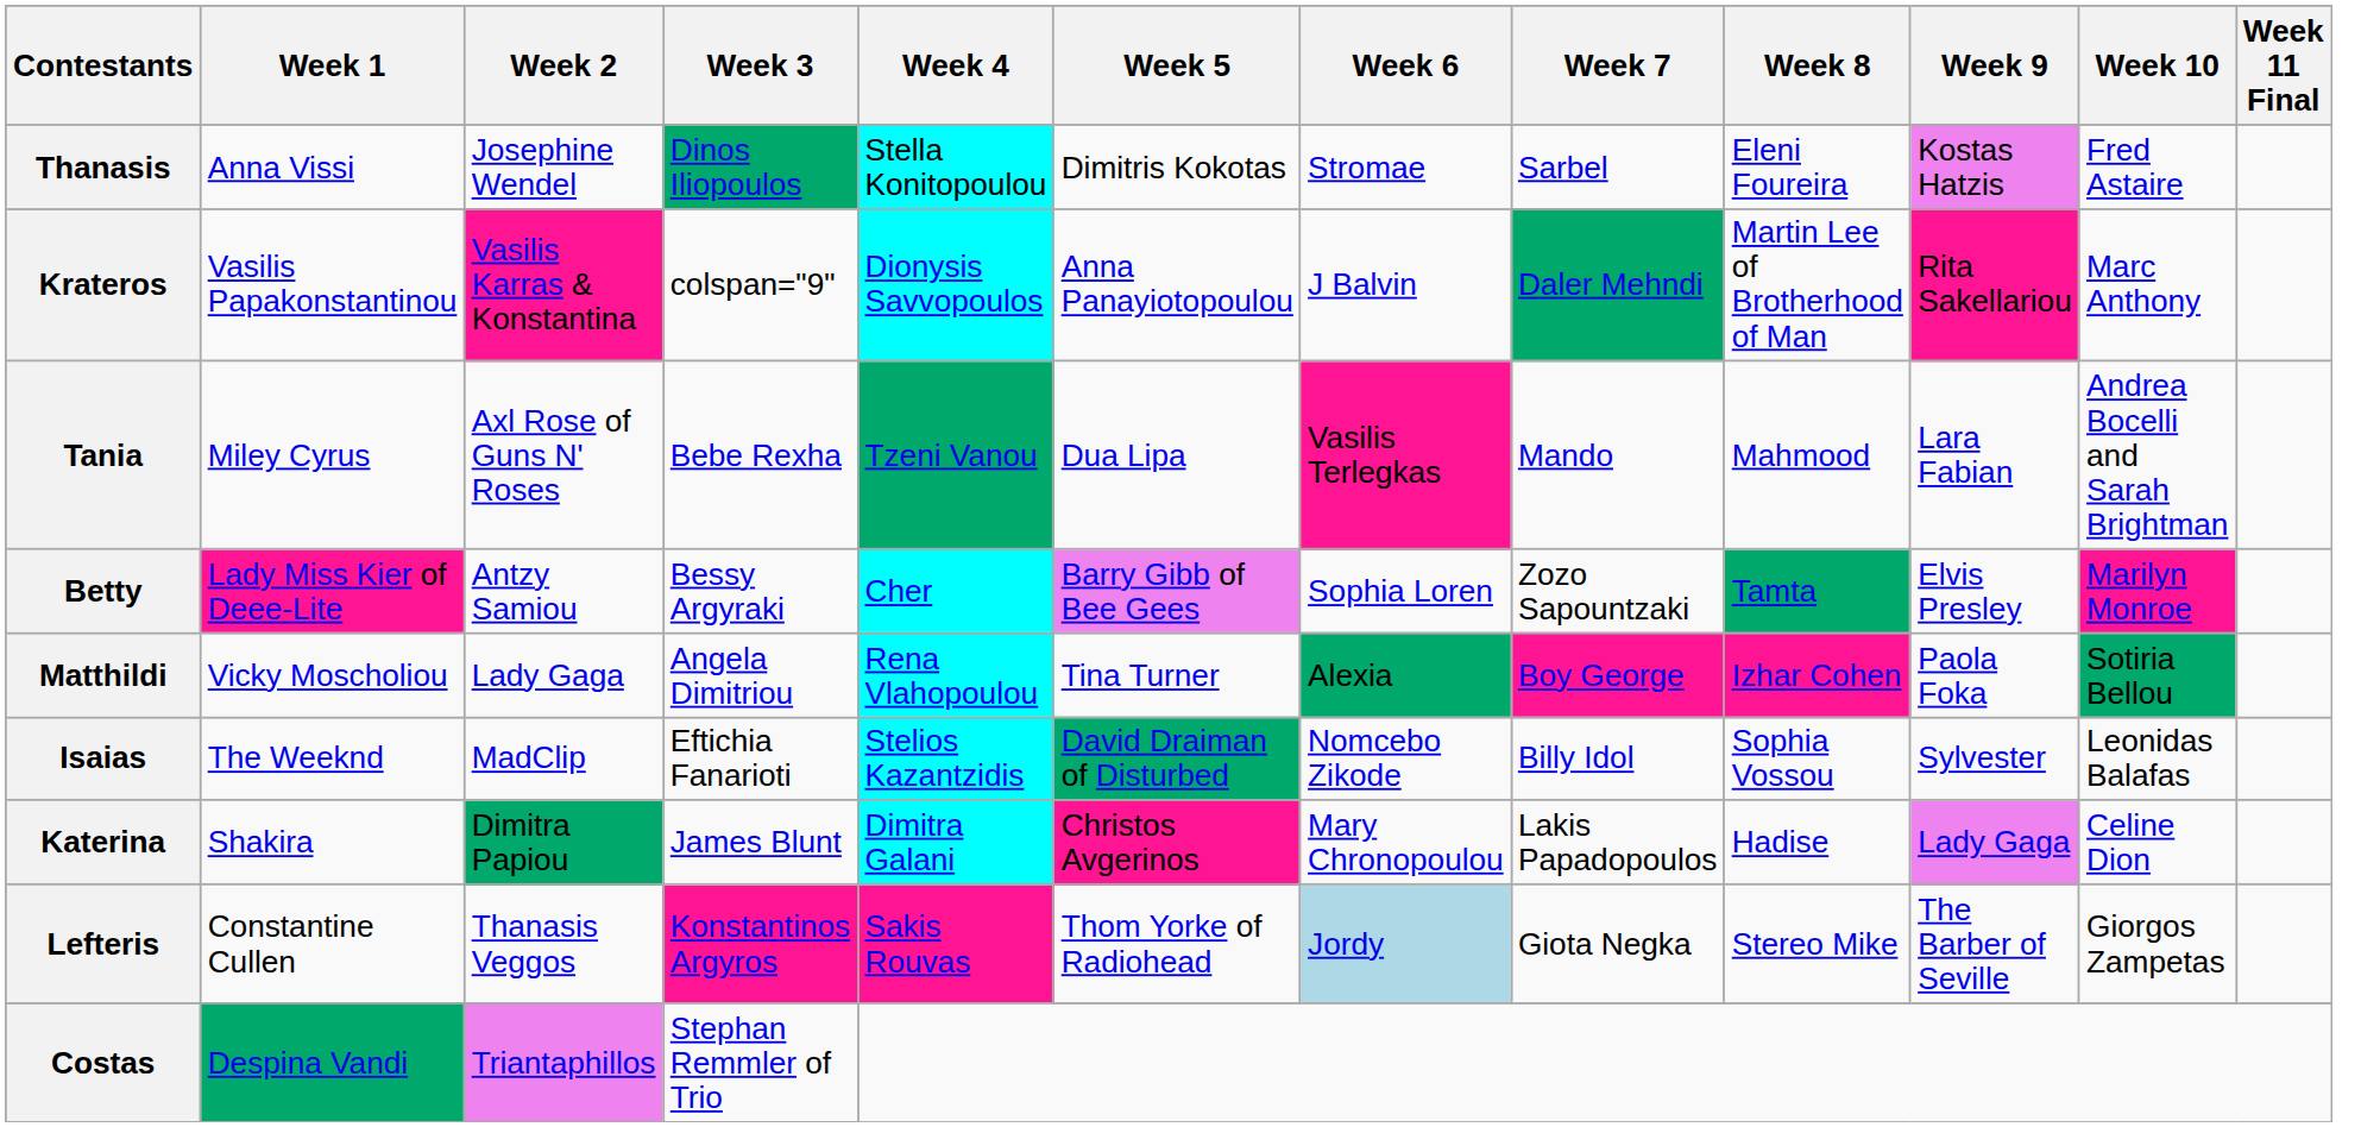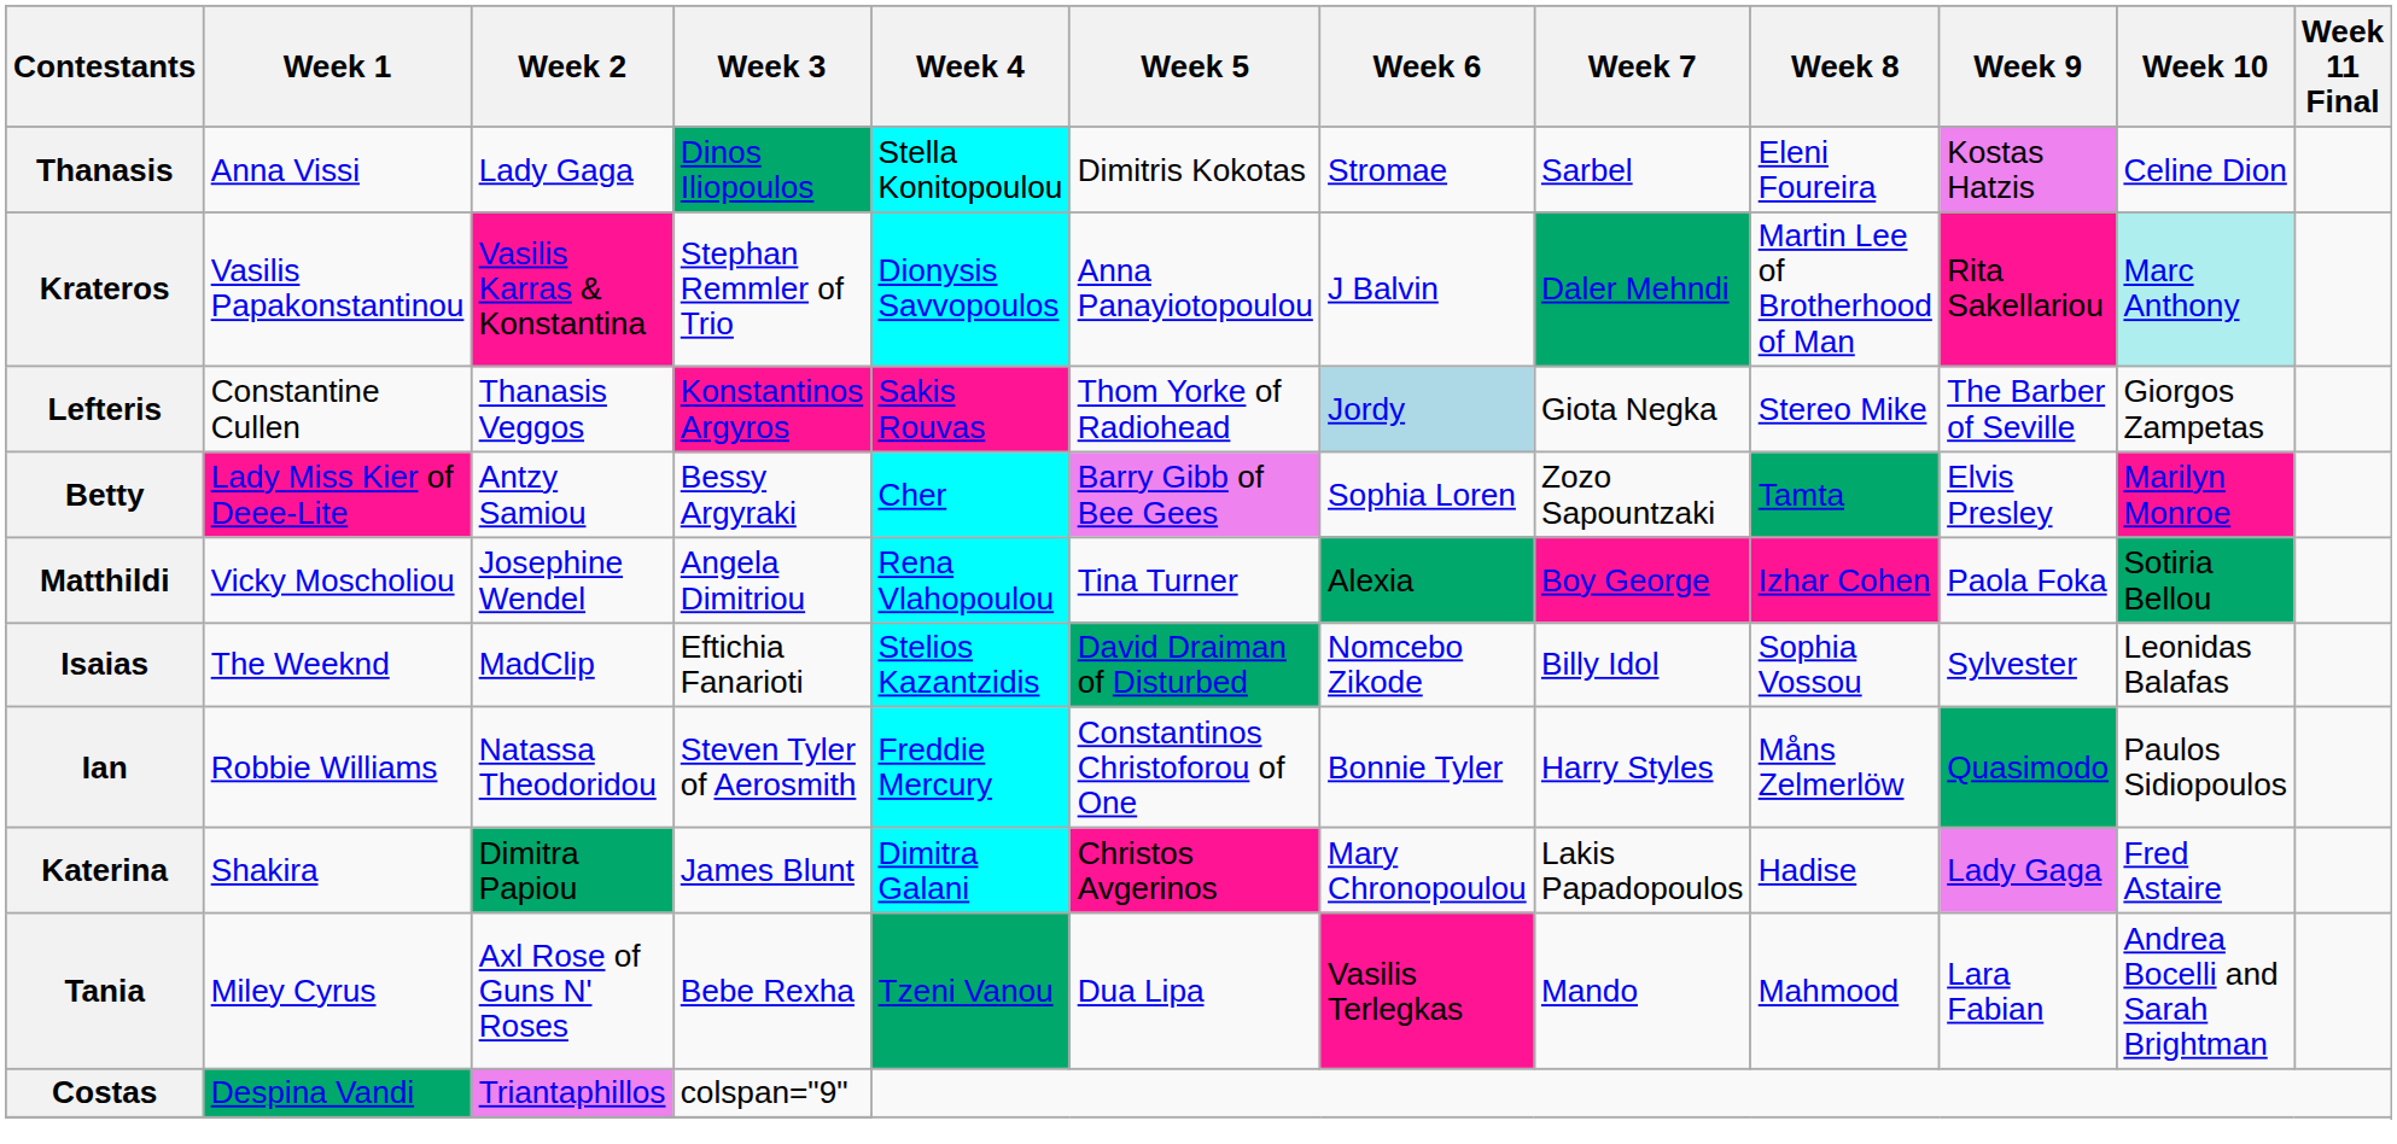 <table class="wikitable" style="font-size:90%">
 <tr>
 <th>Contestants</th>
 <th>Week 1</th>
 <th>Week 2</th>
 <th>Week 3</th>
 <th>Week 4</th>
 <th>Week 5</th>
 <th>Week 6</th>
 <th>Week 7</th>
 <th>Week 8</th>
 <th>Week 9</th>
 <th>Week 10</th>
 <th>Week 11<br>Final</th>
 </tr>
 <tr>
 <th>Thanasis</th>
 <td><a href='#'>Anna Vissi</a></td>
-<td><a href='#'>Josephine Wendel</a></td>
+<td><a href='#'>Lady Gaga</a></td>
 <td bgcolor="#00A86B"><a href='#'>Dinos Iliopoulos</a></td>
 <td bgcolor="aqua">Stella Konitopoulou</td>
 <td>Dimitris Kokotas</td>
 <td><a href='#'>Stromae</a></td>
 <td><a href='#'>Sarbel</a></td>
 <td><a href='#'>Eleni Foureira</a></td>
 <td bgcolor="violet">Kostas Hatzis</td>
-<td><a href='#'>Fred Astaire</a></td>
+<td><a href='#'>Celine Dion</a></td>
 <td></td>
 </tr>
 <tr>
 <th>Krateros</th>
 <td><a href='#'>Vasilis Papakonstantinou</a></td>
 <td bgcolor="deeppink"><a href='#'>Vasilis Karras</a> & Konstantina</td>
-<td>colspan="9" </td>
+<td><a href='#'>Stephan Remmler</a> of <a href='#'>Trio</a></td>
 <td bgcolor="aqua"><a href='#'>Dionysis Savvopoulos</a></td>
 <td><a href='#'>Anna Panayiotopoulou</a></td>
 <td><a href='#'>J Balvin</a></td>
 <td Bgcolor="00A86B"><a href='#'>Daler Mehndi</a></td>
 <td><a href='#'>Martin Lee</a> of <a href='#'>Brotherhood of Man</a></td>
 <td bgcolor="deeppink">Rita Sakellariou</td>
-<td><a href='#'>Marc Anthony</a></td>
+<td style="background: paleturquoise;"><a href='#'>Marc Anthony</a></td>
 <td></td>
 </tr>
 <tr>
-<th>Tania</th>
-<td><a href='#'>Miley Cyrus</a></td>
-<td><a href='#'>Axl Rose</a> of <a href='#'>Guns N' Roses</a></td>
-<td><a href='#'>Bebe Rexha</a></td>
-<td bgcolor="#00A86B"><a href='#'>Tzeni Vanou</a></td>
-<td><a href='#'>Dua Lipa</a></td>
-<td bgcolor="deeppink">Vasilis Terlegkas</td>
-<td><a href='#'>Mando</a></td>
-<td><a href='#'>Mahmood</a></td>
-<td><a href='#'>Lara Fabian</a></td>
-<td><a href='#'>Andrea Bocelli</a> and <a href='#'>Sarah Brightman</a></td>
+<th>Lefteris</th>
+<td>Constantine Cullen</td>
+<td><a href='#'>Thanasis Veggos</a></td>
+<td bgcolor="deeppink"><a href='#'>Konstantinos Argyros</a></td>
+<td bgcolor="deeppink"><a href='#'>Sakis Rouvas</a></td>
+<td><a href='#'>Thom Yorke</a> of <a href='#'>Radiohead</a></td>
+<td bgcolor="lightblue"><a href='#'>Jordy</a></td>
+<td>Giota Negka</td>
+<td><a href='#'>Stereo Mike</a></td>
+<td><a href='#'>The Barber of Seville</a></td>
+<td>Giorgos Zampetas</td>
 <td></td>
 </tr>
 <tr>
 <th>Betty</th>
 <td bgcolor="deeppink"><a href='#'>Lady Miss Kier</a> of <a href='#'>Deee-Lite</a></td>
 <td><a href='#'>Antzy Samiou</a></td>
 <td><a href='#'>Bessy Argyraki</a></td>
 <td bgcolor="aqua"><a href='#'>Cher</a></td>
 <td bgcolor="violet"><a href='#'>Barry Gibb</a> of <a href='#'>Bee Gees</a></td>
 <td><a href='#'>Sophia Loren</a></td>
 <td>Zozo Sapountzaki</td>
 <td bgcolor="00A86B"><a href='#'>Tamta</a></td>
 <td><a href='#'>Elvis Presley</a></td>
 <td bgcolor="deeppink"><a href='#'>Marilyn Monroe</a></td>
 <td></td>
 </tr>
 <tr>
 <th>Matthildi</th>
 <td><a href='#'>Vicky Moscholiou</a></td>
-<td><a href='#'>Lady Gaga</a></td>
+<td><a href='#'>Josephine Wendel</a></td>
 <td><a href='#'>Angela Dimitriou</a></td>
 <td bgcolor="aqua"><a href='#'>Rena Vlahopoulou</a></td>
 <td><a href='#'>Tina Turner</a></td>
 <td bgcolor="#00A86B">Alexia</td>
 <td bgcolor="deeppink"><a href='#'>Boy George</a></td>
 <td bgcolor="deeppink"><a href='#'>Izhar Cohen</a></td>
 <td><a href='#'>Paola Foka</a></td>
 <td bgcolor="00A86B">Sotiria Bellou</td>
 <td></td>
 </tr>
 <tr>
 <th>Isaias</th>
 <td><a href='#'>The Weeknd</a></td>
 <td><a href='#'>MadClip</a></td>
 <td>Eftichia Fanarioti</td>
 <td bgcolor="aqua"><a href='#'>Stelios Kazantzidis</a></td>
 <td bgcolor="#00A86B"><a href='#'>David Draiman</a> of <a href='#'>Disturbed</a></td>
 <td><a href='#'>Nomcebo Zikode</a></td>
 <td><a href='#'>Billy Idol</a></td>
 <td><a href='#'>Sophia Vossou</a></td>
 <td><a href='#'>Sylvester</a></td>
 <td>Leonidas Balafas</td>
 <td></td>
 </tr>
 <tr>
+<th>Ian</th>
+<td><a href='#'>Robbie Williams</a></td>
+<td><a href='#'>Natassa Theodoridou</a></td>
+<td><a href='#'>Steven Tyler</a> of <a href='#'>Aerosmith</a></td>
+<td bgcolor="aqua"><a href='#'>Freddie Mercury</a></td>
+<td><a href='#'>Constantinos Christoforou</a> of <a href='#'>One</a></td>
+<td><a href='#'>Bonnie Tyler</a></td>
+<td><a href='#'>Harry Styles</a></td>
+<td><a href='#'>Måns Zelmerlöw</a></td>
+<td bgcolor="00A86B"><a href='#'>Quasimodo</a></td>
+<td>Paulos Sidiopoulos</td>
+<td></td>
+</tr>
+<tr>
 <th>Katerina</th>
 <td><a href='#'>Shakira</a></td>
 <td bgcolor="#00A86B">Dimitra Papiou</td>
 <td><a href='#'>James Blunt</a></td>
 <td bgcolor="aqua"><a href='#'>Dimitra Galani</a></td>
 <td bgcolor="deeppink">Christos Avgerinos</td>
 <td><a href='#'>Mary Chronopoulou</a></td>
 <td>Lakis Papadopoulos</td>
 <td><a href='#'>Hadise</a></td>
 <td bgcolor="violet"><a href='#'>Lady Gaga</a></td>
-<td><a href='#'>Celine Dion</a></td>
+<td><a href='#'>Fred Astaire</a></td>
 <td></td>
 </tr>
 <tr>
-<th>Lefteris</th>
-<td>Constantine Cullen</td>
-<td><a href='#'>Thanasis Veggos</a></td>
-<td bgcolor="deeppink"><a href='#'>Konstantinos Argyros</a></td>
-<td bgcolor="deeppink"><a href='#'>Sakis Rouvas</a></td>
-<td><a href='#'>Thom Yorke</a> of <a href='#'>Radiohead</a></td>
-<td bgcolor="lightblue"><a href='#'>Jordy</a></td>
-<td>Giota Negka</td>
-<td><a href='#'>Stereo Mike</a></td>
-<td><a href='#'>The Barber of Seville</a></td>
-<td>Giorgos Zampetas</td>
+<th>Tania</th>
+<td><a href='#'>Miley Cyrus</a></td>
+<td><a href='#'>Axl Rose</a> of <a href='#'>Guns N' Roses</a></td>
+<td><a href='#'>Bebe Rexha</a></td>
+<td bgcolor="#00A86B"><a href='#'>Tzeni Vanou</a></td>
+<td><a href='#'>Dua Lipa</a></td>
+<td bgcolor="deeppink">Vasilis Terlegkas</td>
+<td><a href='#'>Mando</a></td>
+<td><a href='#'>Mahmood</a></td>
+<td><a href='#'>Lara Fabian</a></td>
+<td><a href='#'>Andrea Bocelli</a> and <a href='#'>Sarah Brightman</a></td>
 <td></td>
 </tr>
 <tr>
 <th>Costas</th>
 <td bgcolor="#00A86B"><a href='#'>Despina Vandi</a></td>
 <td bgcolor="violet"><a href='#'>Triantaphillos</a></td>
-<td><a href='#'>Stephan Remmler</a> of <a href='#'>Trio</a></td>
+<td>colspan="9" </td>
 </tr>
 <tr>
 </tr>
 </table>
